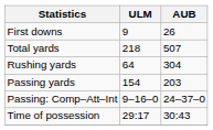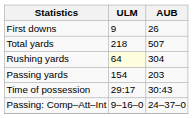 <table class="wikitable" style="float: left;">
 <tr>
 <th>Statistics</th>
 <th>ULM</th>
 <th>AUB</th>
 </tr>
 <tr>
 <td>First downs</td>
 <td>9</td>
 <td>26</td>
 </tr>
 <tr>
 <td>Total yards</td>
 <td>218</td>
 <td>507</td>
 </tr>
 <tr>
 <td>Rushing yards</td>
-<td>64</td>
+<td style="background: lightyellow;">64</td>
 <td>304</td>
 </tr>
 <tr>
 <td>Passing yards</td>
 <td>154</td>
 <td>203</td>
 </tr>
 <tr>
+<td>Time of possession</td>
+<td>29:17</td>
+<td>30:43</td>
+</tr>
+<tr>
 <td>Passing: Comp–Att–Int</td>
 <td>9–16–0</td>
 <td>24–37–0</td>
 </tr>
 <tr>
-<td>Time of possession</td>
-<td>29:17</td>
-<td>30:43</td>
-</tr>
-<tr>
 </tr>
 </table>
